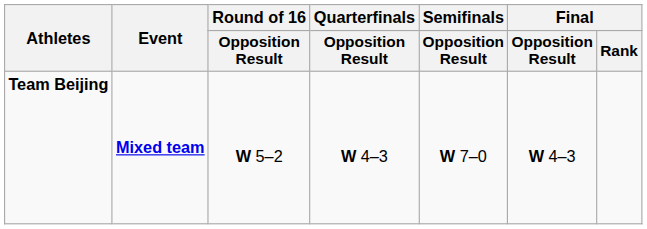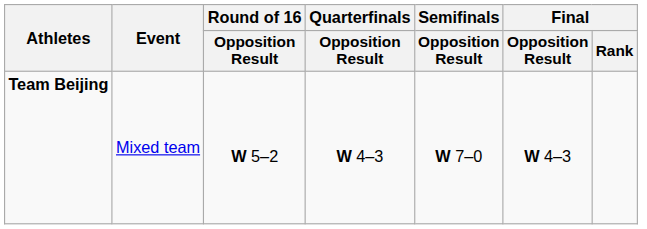 <table class="wikitable" style="font-size:90%">
 <tr>
 <th rowspan=2>Athletes</th>
 <th rowspan=2>Event</th>
 <th>Round of 16</th>
 <th>Quarterfinals</th>
 <th>Semifinals</th>
 <th colspan=2>Final</th>
 </tr>
 <tr style="font-size:95%">
 <th>Opposition<br>Result</th>
 <th>Opposition<br>Result</th>
 <th>Opposition<br>Result</th>
 <th>Opposition<br>Result</th>
 <th>Rank</th>
 </tr>
 <tr align=center>
 <td align=left><strong>Team Beijing</strong><br><strong></strong><br><br><br><br><br><br><br></td>
-<td align=left><strong><a href='#'>Mixed team</a></strong></td>
+<td align=left><a href='#'>Mixed team</a></td>
 <td><br><strong>W</strong> 5–2</td>
 <td><br><strong>W</strong> 4–3</td>
 <td><br><strong>W</strong> 7–0</td>
 <td><br><strong>W</strong> 4–3</td>
 <td></td>
 </tr>
 </table>
